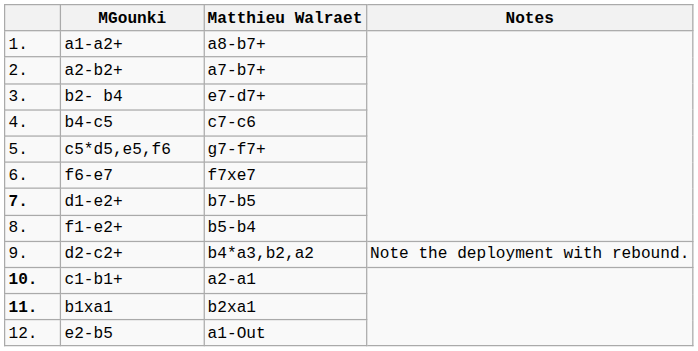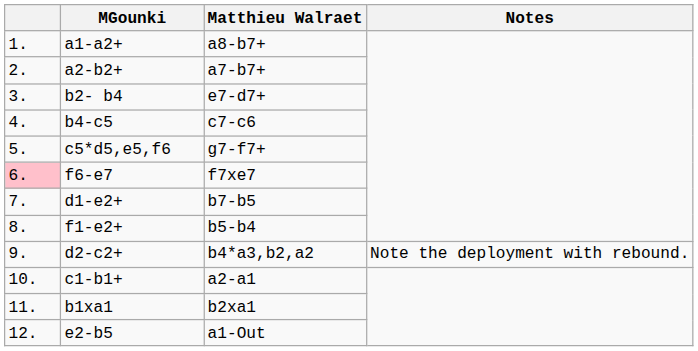 <table class="wikitable">
 <tr>
 <th></th>
 <th>MGounki</th>
 <th>Matthieu Walraet</th>
 <th>Notes</th>
 </tr>
 <tr>
 <td>1.</td>
 <td>a1-a2+</td>
 <td>a8-b7+</td>
 </tr>
 <tr>
 <td>2.</td>
 <td>a2-b2+</td>
 <td>a7-b7+</td>
 </tr>
 <tr>
 <td>3.</td>
 <td>b2- b4</td>
 <td>e7-d7+</td>
 </tr>
 <tr>
 <td>4.</td>
 <td>b4-c5</td>
 <td>c7-c6</td>
 </tr>
 <tr>
 <td>5.</td>
 <td>c5*d5,e5,f6   </td>
 <td>g7-f7+</td>
 </tr>
 <tr>
-<td>6.</td>
+<td style="background: pink;">6.</td>
 <td>f6-e7</td>
 <td>f7xe7</td>
 </tr>
 <tr>
-<td><strong>7.</strong></td>
+<td>7.</td>
 <td>d1-e2+</td>
 <td>b7-b5</td>
 </tr>
 <tr>
 <td>8.</td>
 <td>f1-e2+</td>
 <td>b5-b4</td>
 </tr>
 <tr>
 <td>9.</td>
 <td>d2-c2+</td>
 <td>b4*a3,b2,a2</td>
 <td>Note the deployment with rebound.</td>
 </tr>
 <tr>
-<td><strong>10.  </strong></td>
+<td>10.  </td>
 <td>c1-b1+</td>
 <td>a2-a1</td>
 </tr>
 <tr>
-<td><strong>11.</strong></td>
+<td>11.</td>
 <td>b1xa1</td>
 <td>b2xa1</td>
 </tr>
 <tr>
 <td>12.</td>
 <td>e2-b5</td>
 <td>a1-Out</td>
 </tr>
 </table>
